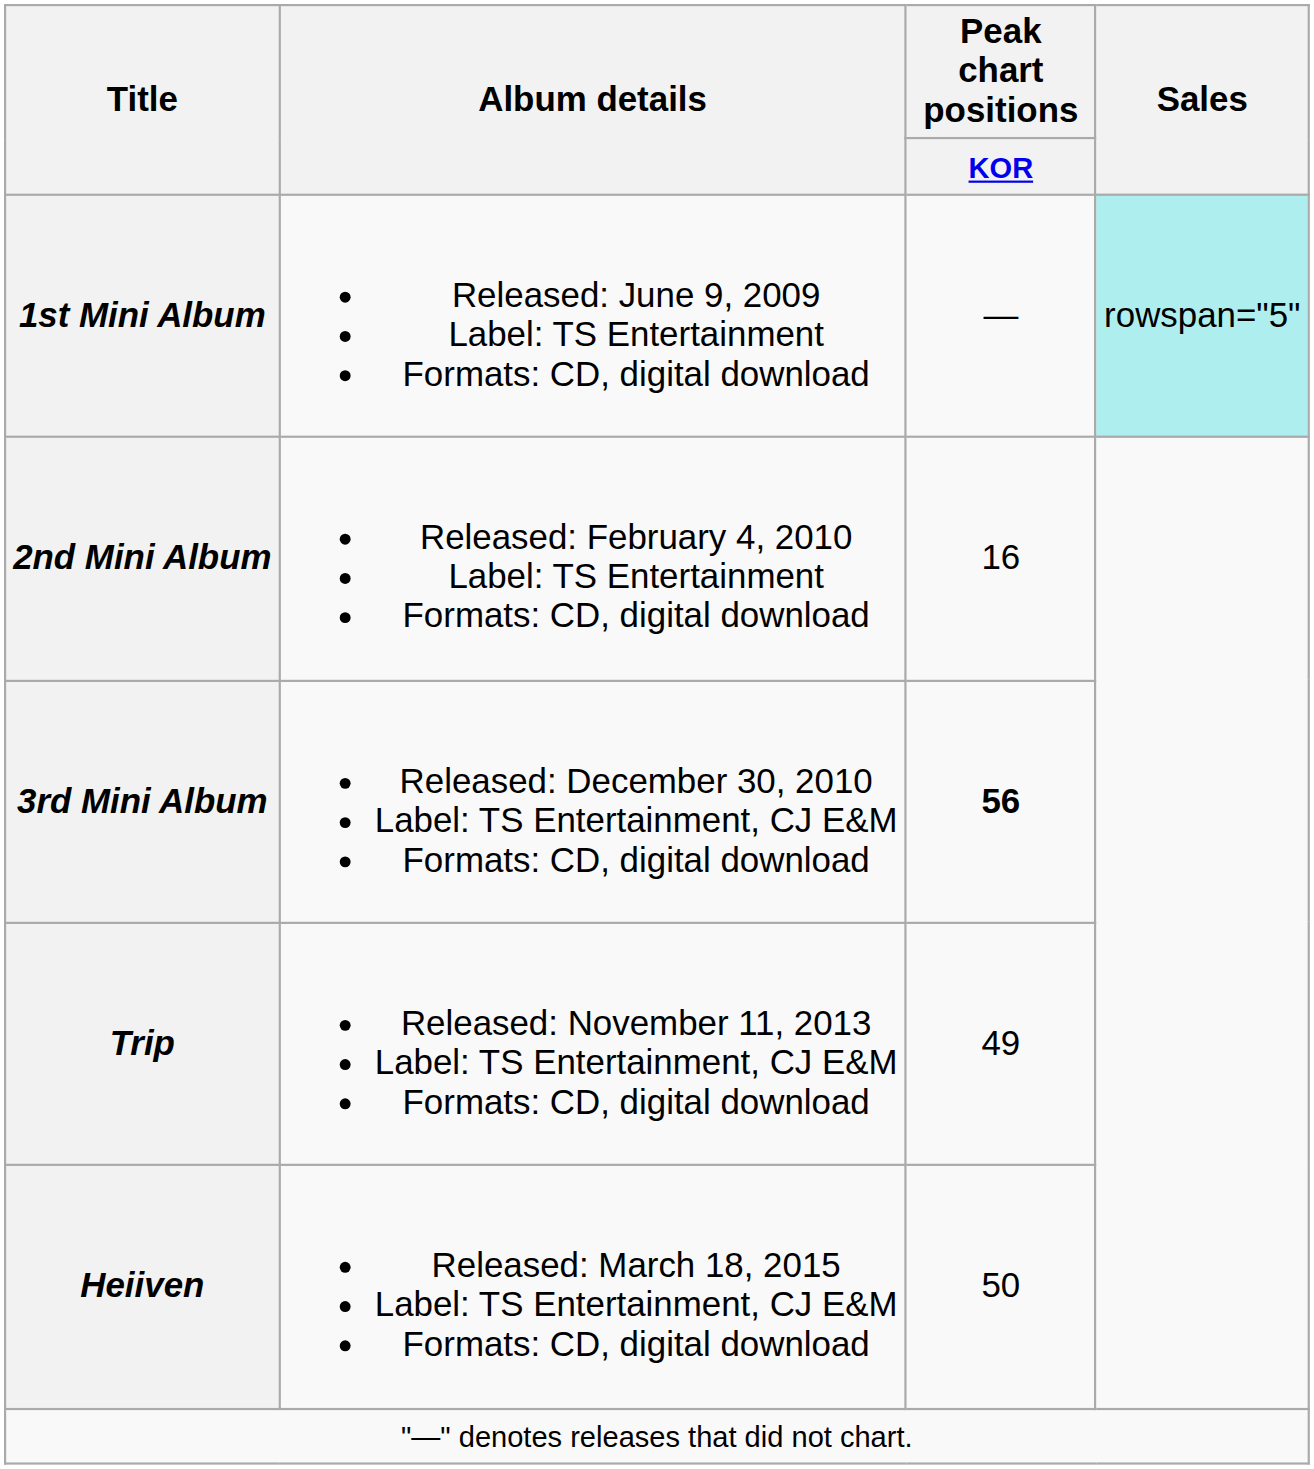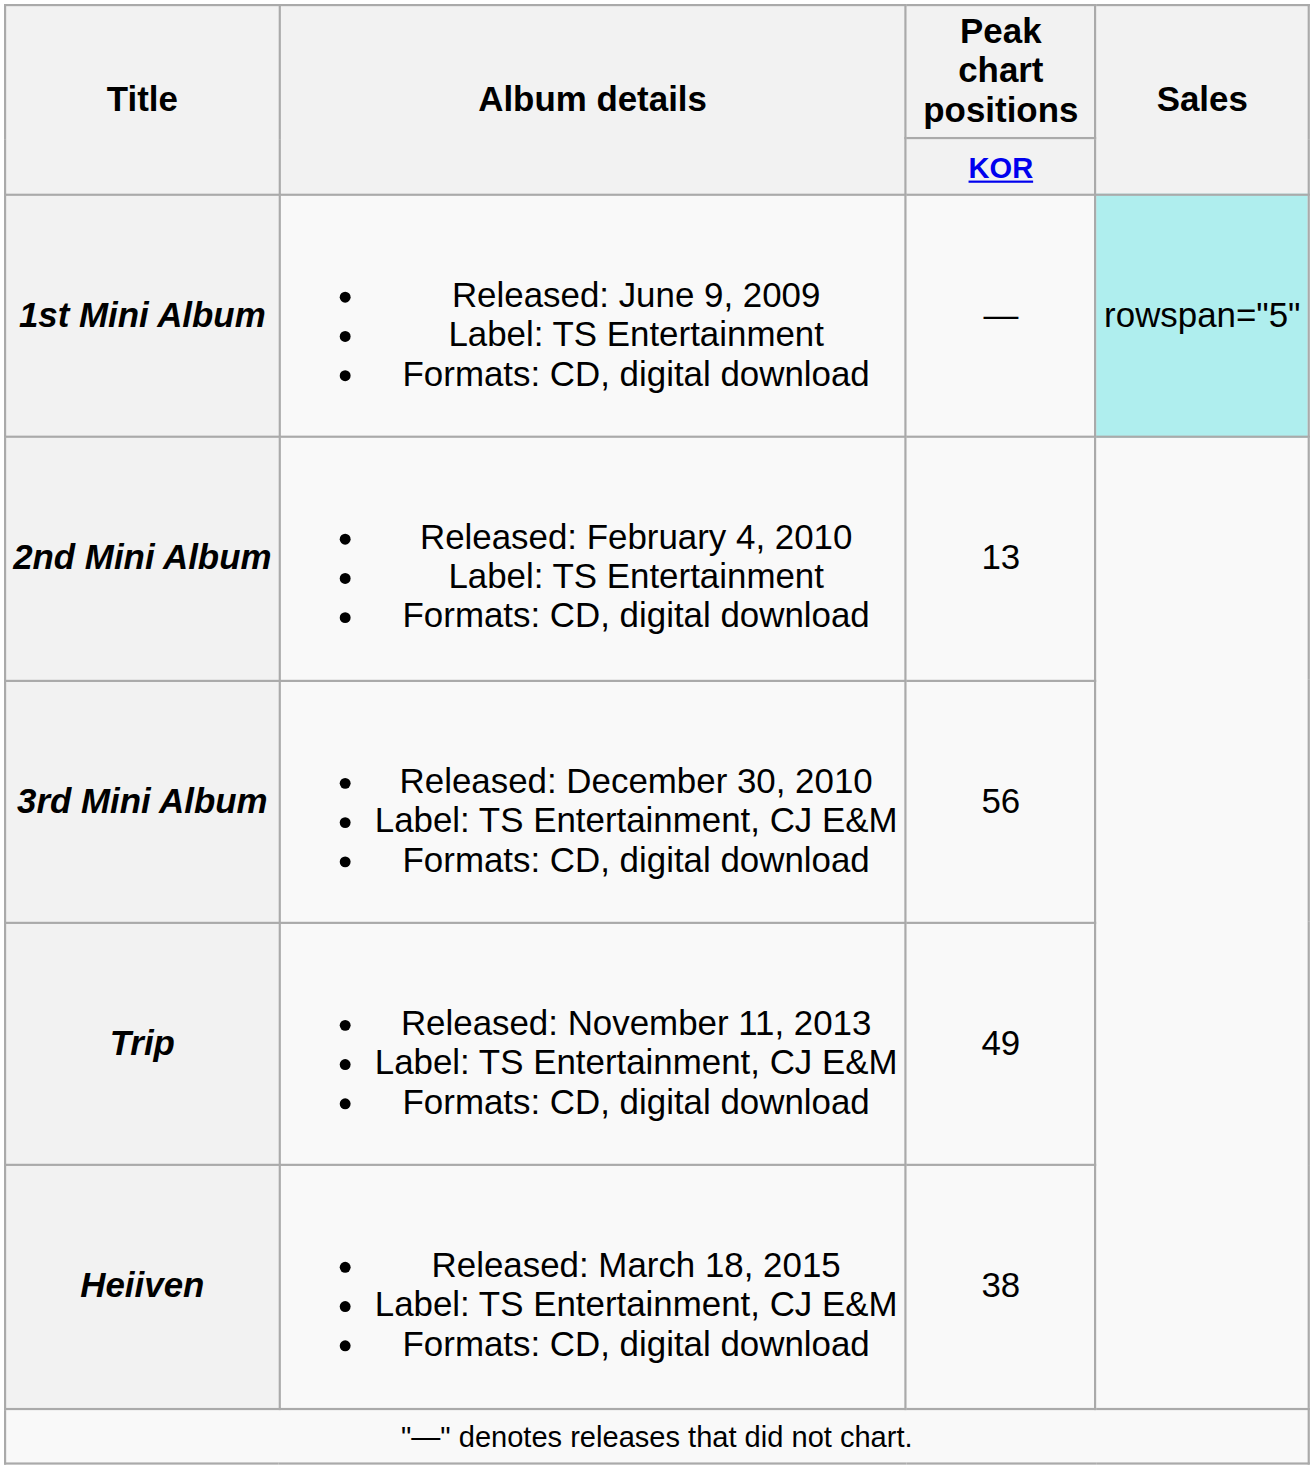 <table class="wikitable plainrowheaders" style="text-align:center;">
 <tr>
 <th scope="col" rowspan="2">Title</th>
 <th scope="col" rowspan="2">Album details</th>
 <th scope="col" colspan="1" style="width:5em;">Peak chart positions</th>
 <th scope="col" rowspan="2">Sales</th>
 </tr>
 <tr>
 <th><small><a href='#'>KOR</a></small><br></th>
 </tr>
 <tr>
 <th scope="row"><em>1st Mini Album</em></th>
 <td><br><ul><li>Released: June 9, 2009</li><li>Label: TS Entertainment</li><li>Formats: CD, digital download</li></ul></td>
 <td>—</td>
 <td style="background: paleturquoise;">rowspan="5" </td>
 </tr>
 <tr>
 <th scope="row"><em>2nd Mini Album</em></th>
 <td><br><ul><li>Released: February 4, 2010</li><li>Label: TS Entertainment</li><li>Formats: CD, digital download</li></ul></td>
-<td>16</td>
+<td>13</td>
 </tr>
 <tr>
 <th scope="row"><em>3rd Mini Album</em></th>
 <td><br><ul><li>Released: December 30, 2010</li><li>Label: TS Entertainment, CJ E&M</li><li>Formats: CD, digital download</li></ul></td>
-<td><strong>56</strong></td>
+<td>56</td>
 </tr>
 <tr>
 <th scope="row"><em>Trip</em></th>
 <td><br><ul><li>Released: November 11, 2013</li><li>Label: TS Entertainment, CJ E&M</li><li>Formats: CD, digital download</li></ul></td>
 <td>49</td>
 </tr>
 <tr>
 <th scope="row"><em>Heiiven</em></th>
 <td><br><ul><li>Released: March 18, 2015</li><li>Label: TS Entertainment, CJ E&M</li><li>Formats: CD, digital download</li></ul></td>
-<td>50</td>
+<td>38</td>
 </tr>
 <tr>
 <td colspan="4" align="center"><small>"—" denotes releases that did not chart.</small></td>
 </tr>
 </table>
